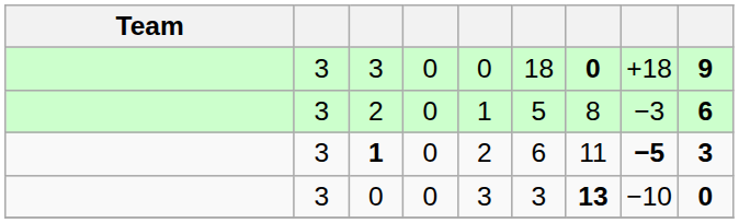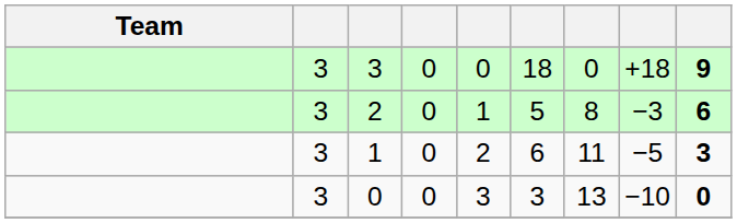 <table class="wikitable" style="text-align: center;">
 <tr>
 <th width="165">Team</th>
 <th width="25"></th>
 <th width="25"></th>
 <th width="25"></th>
 <th width="25"></th>
 <th width="25"></th>
 <th width="25"></th>
 <th width="25"></th>
 <th width="25"></th>
 </tr>
 <tr style="background:#cfc;">
 <td align=left></td>
 <td>3</td>
 <td>3</td>
 <td>0</td>
 <td>0</td>
 <td>18</td>
-<td><strong>0</strong></td>
+<td>0</td>
 <td>+18</td>
 <td><strong>9</strong></td>
 </tr>
 <tr style="background:#cfc;">
 <td align=left></td>
 <td>3</td>
 <td>2</td>
 <td>0</td>
 <td>1</td>
 <td>5</td>
 <td>8</td>
 <td>−3</td>
 <td><strong>6</strong></td>
 </tr>
 <tr>
 <td align=left></td>
 <td>3</td>
-<td><strong>1</strong></td>
+<td>1</td>
 <td>0</td>
 <td>2</td>
 <td>6</td>
 <td>11</td>
-<td><strong>−5</strong></td>
+<td>−5</td>
 <td><strong>3</strong></td>
 </tr>
 <tr>
 <td align=left></td>
 <td>3</td>
 <td>0</td>
 <td>0</td>
 <td>3</td>
 <td>3</td>
-<td><strong>13</strong></td>
+<td>13</td>
 <td>−10</td>
 <td><strong>0</strong></td>
 </tr>
 <tr>
 </tr>
 </table>
